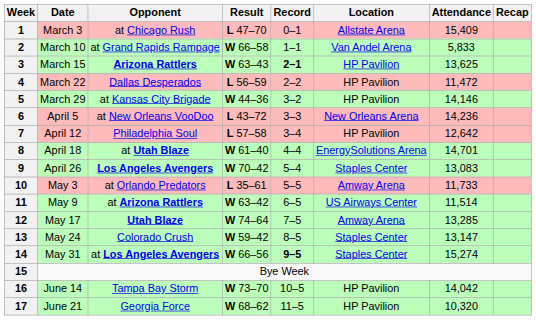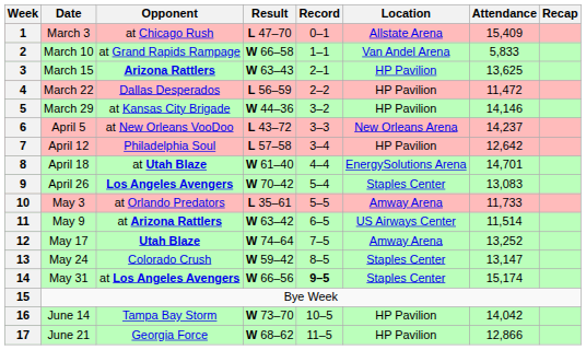 <table class="wikitable" style="text-align:center">
 <tr>
 <th>Week</th>
 <th>Date</th>
 <th>Opponent</th>
 <th>Result</th>
 <th>Record</th>
 <th>Location</th>
 <th>Attendance</th>
 <th>Recap</th>
 </tr>
 <tr bgcolor="#ffbbbb">
 <th>1</th>
 <td>March 3</td>
 <td>at <a href='#'>Chicago Rush</a></td>
 <td><strong>L</strong> 47–70</td>
 <td>0–1</td>
 <td><a href='#'>Allstate Arena</a></td>
 <td>15,409</td>
 <td></td>
 </tr>
 <tr bgcolor="#bbffbb">
 <th>2</th>
 <td>March 10</td>
 <td>at <a href='#'>Grand Rapids Rampage</a></td>
 <td><strong>W</strong> 66–58</td>
 <td>1–1</td>
 <td><a href='#'>Van Andel Arena</a></td>
 <td>5,833</td>
 <td></td>
 </tr>
 <tr bgcolor="#bbffbb">
 <th>3</th>
 <td>March 15</td>
 <td><strong><a href='#'>Arizona Rattlers</a></strong></td>
 <td><strong>W</strong> 63–43</td>
-<td><strong>2–1</strong></td>
+<td>2–1</td>
 <td><a href='#'>HP Pavilion</a></td>
 <td>13,625</td>
 <td></td>
 </tr>
 <tr bgcolor="#ffbbbb">
 <th>4</th>
 <td>March 22</td>
 <td><a href='#'>Dallas Desperados</a></td>
 <td><strong>L</strong> 56–59</td>
 <td>2–2</td>
 <td>HP Pavilion</td>
 <td>11,472</td>
 <td></td>
 </tr>
 <tr bgcolor="#bbffbb">
 <th>5</th>
 <td>March 29</td>
 <td>at <a href='#'>Kansas City Brigade</a></td>
 <td><strong>W</strong> 44–36</td>
 <td>3–2</td>
 <td>HP Pavilion</td>
 <td>14,146</td>
 <td></td>
 </tr>
 <tr bgcolor="#ffbbbb">
 <th>6</th>
 <td>April 5</td>
 <td>at <a href='#'>New Orleans VooDoo</a></td>
 <td><strong>L</strong> 43–72</td>
 <td>3–3</td>
 <td><a href='#'>New Orleans Arena</a></td>
-<td>14,236</td>
+<td>14,237</td>
 <td></td>
 </tr>
 <tr bgcolor="#ffbbbb">
 <th>7</th>
 <td>April 12</td>
 <td><a href='#'>Philadelphia Soul</a></td>
 <td><strong>L</strong> 57–58</td>
 <td>3–4</td>
 <td>HP Pavilion</td>
 <td>12,642</td>
 <td></td>
 </tr>
 <tr bgcolor="#bbffbb">
 <th>8</th>
 <td>April 18</td>
 <td>at <strong><a href='#'>Utah Blaze</a></strong></td>
 <td><strong>W</strong> 61–40</td>
 <td>4–4</td>
 <td><a href='#'>EnergySolutions Arena</a></td>
 <td>14,701</td>
 <td></td>
 </tr>
 <tr bgcolor="#bbffbb">
 <th>9</th>
 <td>April 26</td>
 <td><strong><a href='#'>Los Angeles Avengers</a></strong></td>
 <td><strong>W</strong> 70–42</td>
 <td>5–4</td>
 <td><a href='#'>Staples Center</a></td>
 <td>13,083</td>
 <td></td>
 </tr>
 <tr bgcolor="#ffbbbb">
 <th>10</th>
 <td>May 3</td>
 <td>at <a href='#'>Orlando Predators</a></td>
 <td><strong>L</strong> 35–61</td>
 <td>5–5</td>
 <td><a href='#'>Amway Arena</a></td>
 <td>11,733</td>
 <td></td>
 </tr>
 <tr bgcolor="#bbffbb">
 <th>11</th>
 <td>May 9</td>
 <td>at <strong><a href='#'>Arizona Rattlers</a></strong></td>
 <td><strong>W</strong> 63–42</td>
 <td>6–5</td>
 <td><a href='#'>US Airways Center</a></td>
 <td>11,514</td>
 <td></td>
 </tr>
 <tr bgcolor="#bbffbb">
 <th>12</th>
 <td>May 17</td>
 <td><strong><a href='#'>Utah Blaze</a></strong></td>
 <td><strong>W</strong> 74–64</td>
 <td>7–5</td>
 <td><a href='#'>Amway Arena</a></td>
-<td>13,285</td>
+<td>13,252</td>
 <td></td>
 </tr>
 <tr bgcolor="#bbffbb">
 <th>13</th>
 <td>May 24</td>
 <td><a href='#'>Colorado Crush</a></td>
 <td><strong>W</strong> 59–42</td>
 <td>8–5</td>
 <td><a href='#'>Staples Center</a></td>
 <td>13,147</td>
 <td></td>
 </tr>
 <tr bgcolor="#bbffbb">
 <th>14</th>
 <td>May 31</td>
 <td>at <strong><a href='#'>Los Angeles Avengers</a></strong></td>
 <td><strong>W</strong> 66–56</td>
 <td><strong>9–5</strong></td>
 <td><a href='#'>Staples Center</a></td>
-<td>15,274</td>
+<td>15,174</td>
 <td></td>
 </tr>
 <tr>
 <th>15</th>
 <td colspan=7>Bye Week</td>
 </tr>
 <tr bgcolor="#bbffbb">
 <th>16</th>
 <td>June 14</td>
 <td><a href='#'>Tampa Bay Storm</a></td>
 <td><strong>W</strong> 73–70</td>
 <td>10–5</td>
 <td>HP Pavilion</td>
 <td>14,042</td>
 <td></td>
 </tr>
 <tr bgcolor="#bbffbb">
 <th>17</th>
 <td>June 21</td>
 <td><a href='#'>Georgia Force</a></td>
 <td><strong>W</strong> 68–62</td>
 <td>11–5</td>
 <td>HP Pavilion</td>
-<td>10,320</td>
+<td>12,866</td>
 <td></td>
 </tr>
 </table>
